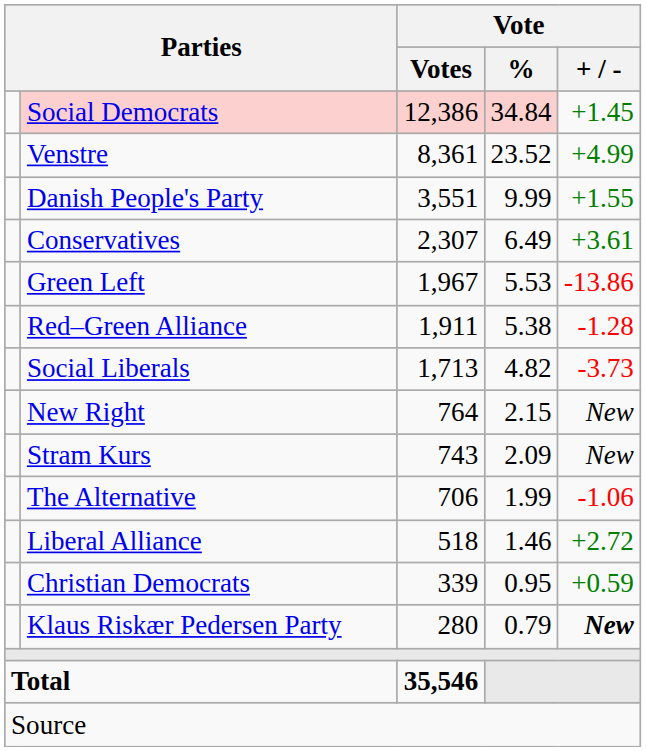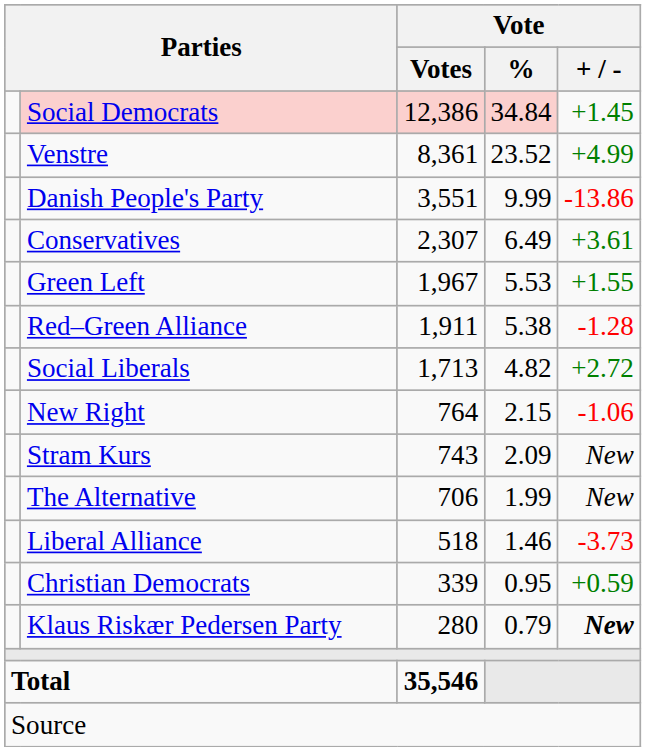 <table class="wikitable" style="text-align:right;">
 <tr>
 <th style="text-align:centre;" rowspan="2" colspan="2" width="225">Parties</th>
 <th colspan="3">Vote</th>
 </tr>
 <tr>
 <th width="15">Votes</th>
 <th width="15">%</th>
 <th width="15">+ / -</th>
 </tr>
 <tr>
 <td width="2" style="color:inherit;background:"></td>
 <td bgcolor=#fbd0ce  align="left"><a href='#'>Social Democrats</a></td>
 <td bgcolor=#fbd0ce>12,386</td>
 <td bgcolor=#fbd0ce>34.84</td>
 <td style=color:green;>+1.45</td>
 </tr>
 <tr>
 <td width="2" style="color:inherit;background:"></td>
 <td align="left"><a href='#'>Venstre</a></td>
 <td>8,361</td>
 <td>23.52</td>
 <td style=color:green;>+4.99</td>
 </tr>
 <tr>
 <td width="2" style="color:inherit;background:"></td>
 <td align="left"><a href='#'>Danish People's Party</a></td>
 <td>3,551</td>
 <td>9.99</td>
-<td style=color:green;>+1.55</td>
+<td style=color:red;>-13.86</td>
 </tr>
 <tr>
 <td width="2" style="color:inherit;background:"></td>
 <td align="left"><a href='#'>Conservatives</a></td>
 <td>2,307</td>
 <td>6.49</td>
 <td style=color:green;>+3.61</td>
 </tr>
 <tr>
 <td width="2" style="color:inherit;background:"></td>
 <td align="left"><a href='#'>Green Left</a></td>
 <td>1,967</td>
 <td>5.53</td>
-<td style=color:red;>-13.86</td>
+<td style=color:green;>+1.55</td>
 </tr>
 <tr>
 <td width="2" style="color:inherit;background:"></td>
 <td align="left"><a href='#'>Red–Green Alliance</a></td>
 <td>1,911</td>
 <td>5.38</td>
 <td style=color:red;>-1.28</td>
 </tr>
 <tr>
 <td width="2" style="color:inherit;background:"></td>
 <td align="left"><a href='#'>Social Liberals</a></td>
 <td>1,713</td>
 <td>4.82</td>
-<td style=color:red;>-3.73</td>
+<td style=color:green;>+2.72</td>
 </tr>
 <tr>
 <td width="2" style="color:inherit;background:"></td>
 <td align="left"><a href='#'>New Right</a></td>
 <td>764</td>
 <td>2.15</td>
-<td><em>New</em></td>
+<td style=color:red;>-1.06</td>
 </tr>
 <tr>
 <td width="2" style="color:inherit;background:"></td>
 <td align="left"><a href='#'>Stram Kurs</a></td>
 <td>743</td>
 <td>2.09</td>
 <td><em>New</em></td>
 </tr>
 <tr>
 <td width="2" style="color:inherit;background:"></td>
 <td align="left"><a href='#'>The Alternative</a></td>
 <td>706</td>
 <td>1.99</td>
-<td style=color:red;>-1.06</td>
+<td><em>New</em></td>
 </tr>
 <tr>
 <td width="2" style="color:inherit;background:"></td>
 <td align="left"><a href='#'>Liberal Alliance</a></td>
 <td>518</td>
 <td>1.46</td>
-<td style=color:green;>+2.72</td>
+<td style=color:red;>-3.73</td>
 </tr>
 <tr>
 <td width="2" style="color:inherit;background:"></td>
 <td align="left"><a href='#'>Christian Democrats</a></td>
 <td>339</td>
 <td>0.95</td>
 <td style=color:green;>+0.59</td>
 </tr>
 <tr>
 <td width="2" style="color:inherit;background:"></td>
 <td align="left"><a href='#'>Klaus Riskær Pedersen Party</a></td>
 <td>280</td>
 <td>0.79</td>
 <td><strong><em>New</em></strong></td>
 </tr>
 <tr>
 <td colspan="7" bgcolor="#E9E9E9"></td>
 </tr>
 <tr>
 <td align="left" colspan="2"><strong>Total</strong></td>
 <td><strong>35,546</strong></td>
 <td bgcolor="#E9E9E9" colspan="2"></td>
 </tr>
 <tr>
 <td align="left" colspan="6">Source</td>
 </tr>
 </table>
